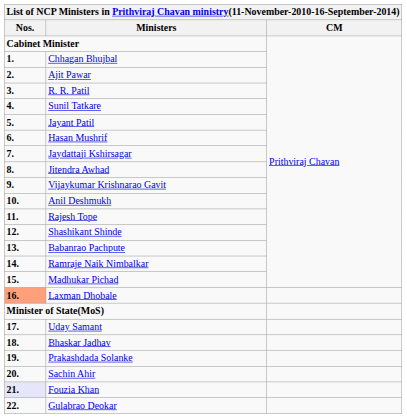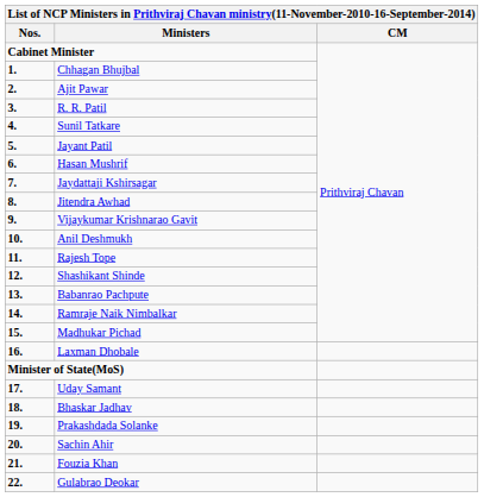 <table class="wikitable">
 <tr>
 <th colspan="3">List of NCP Ministers in <a href='#'>Prithviraj Chavan ministry</a>(11-November-2010-16-September-2014)</th>
 </tr>
 <tr>
 <th>Nos.</th>
 <th>Ministers</th>
 <th>CM</th>
 </tr>
 <tr>
 <td colspan="2"><strong>Cabinet Minister</strong></td>
 <td rowspan="16"><a href='#'>Prithviraj Chavan</a></td>
 </tr>
 <tr>
 <td><strong>1.</strong></td>
 <td><a href='#'>Chhagan Bhujbal</a></td>
 </tr>
 <tr>
 <td><strong>2.</strong></td>
 <td><a href='#'>Ajit Pawar</a></td>
 </tr>
 <tr>
 <td><strong>3.</strong></td>
 <td><a href='#'>R. R. Patil</a></td>
 </tr>
 <tr>
 <td><strong>4.</strong></td>
 <td><a href='#'>Sunil Tatkare</a></td>
 </tr>
 <tr>
 <td><strong>5.</strong></td>
 <td><a href='#'>Jayant Patil</a></td>
 </tr>
 <tr>
 <td><strong>6.</strong></td>
 <td><a href='#'>Hasan Mushrif</a></td>
 </tr>
 <tr>
 <td><strong>7.</strong></td>
 <td><a href='#'>Jaydattaji Kshirsagar</a></td>
 </tr>
 <tr>
 <td><strong>8.</strong></td>
 <td><a href='#'>Jitendra Awhad</a></td>
 </tr>
 <tr>
 <td><strong>9.</strong></td>
 <td><a href='#'>Vijaykumar Krishnarao Gavit</a></td>
 </tr>
 <tr>
 <td><strong>10.</strong></td>
 <td><a href='#'>Anil Deshmukh</a></td>
 </tr>
 <tr>
 <td><strong>11.</strong></td>
 <td><a href='#'>Rajesh Tope</a></td>
 </tr>
 <tr>
 <td><strong>12.</strong></td>
 <td><a href='#'>Shashikant Shinde</a></td>
 </tr>
 <tr>
 <td><strong>13.</strong></td>
 <td><a href='#'>Babanrao Pachpute</a></td>
 </tr>
 <tr>
 <td><strong>14.</strong></td>
 <td><a href='#'>Ramraje Naik Nimbalkar</a></td>
 </tr>
 <tr>
 <td><strong>15.</strong></td>
 <td><a href='#'>Madhukar Pichad</a></td>
 </tr>
 <tr>
-<td style="background: lightsalmon;"><strong>16.</strong></td>
+<td><strong>16.</strong></td>
 <td><a href='#'>Laxman Dhobale</a></td>
 <td></td>
 </tr>
 <tr>
 <td colspan="2"><strong>Minister of State(MoS)</strong></td>
 <td></td>
 </tr>
 <tr>
 <td><strong>17.</strong></td>
 <td><a href='#'>Uday Samant</a></td>
 <td></td>
 </tr>
 <tr>
 <td><strong>18.</strong></td>
 <td><a href='#'>Bhaskar Jadhav</a></td>
 <td></td>
 </tr>
 <tr>
 <td><strong>19.</strong></td>
 <td><a href='#'>Prakashdada Solanke</a></td>
 <td></td>
 </tr>
 <tr>
 <td><strong>20.</strong></td>
 <td><a href='#'>Sachin Ahir</a></td>
 <td></td>
 </tr>
 <tr>
-<td style="background: lavender;"><strong>21.</strong></td>
+<td><strong>21.</strong></td>
 <td><a href='#'>Fouzia Khan</a></td>
 <td></td>
 </tr>
 <tr>
 <td><strong>22.</strong></td>
 <td><a href='#'>Gulabrao Deokar</a></td>
 <td></td>
 </tr>
 </table>
